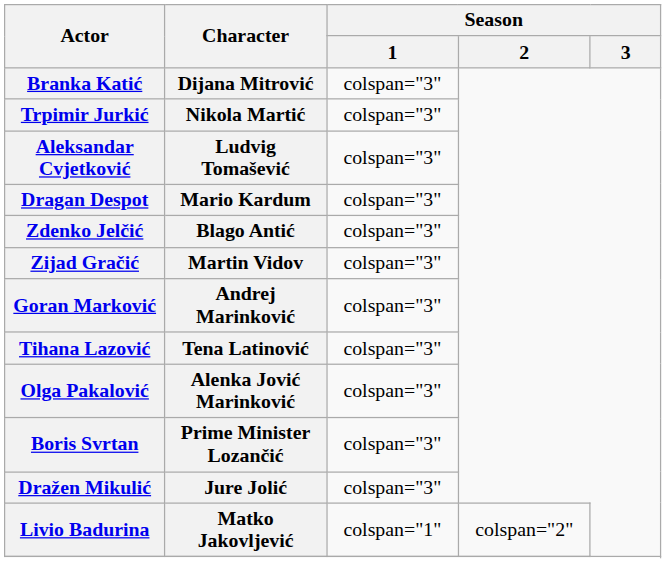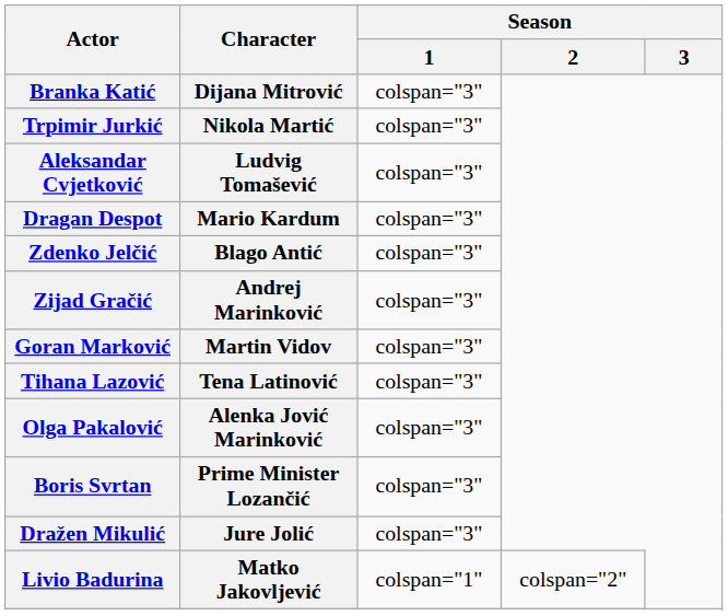 <table class="wikitable plainrowheaders" style="text-align:center; width:60%;">
 <tr>
 <th rowspan="2" style="width:15%;" scope="col">Actor</th>
 <th rowspan="2" style="width:15%;" scope="col">Character</th>
 <th colspan="3">Season</th>
 </tr>
 <tr>
 <th style="width:7%;" scope="colspan">1</th>
 <th style="width:7%;" scope="colspan">2</th>
 <th style="width:7%;" scope="colspan">3</th>
 </tr>
 <tr>
 <th scope="row" style="text-align: center;"><a href='#'>Branka Katić</a></th>
 <th scope="row" style="text-align: center;">Dijana Mitrović</th>
 <td>colspan="3" </td>
 </tr>
 <tr>
 <th scope="row" style="text-align: center;"><a href='#'>Trpimir Jurkić</a></th>
 <th scope="row" style="text-align: center;">Nikola Martić</th>
 <td>colspan="3" </td>
 </tr>
 <tr>
 <th scope="row" style="text-align: center;"><a href='#'>Aleksandar Cvjetković</a></th>
 <th scope="row" style="text-align: center;">Ludvig Tomašević</th>
 <td>colspan="3" </td>
 </tr>
 <tr>
 <th scope="row" style="text-align: center;"><a href='#'>Dragan Despot</a></th>
 <th scope="row" style="text-align: center;">Mario Kardum</th>
 <td>colspan="3" </td>
 </tr>
 <tr>
 <th scope="row" style="text-align: center;"><a href='#'>Zdenko Jelčić</a></th>
 <th scope="row" style="text-align: center;">Blago Antić</th>
 <td>colspan="3" </td>
 </tr>
 <tr>
 <th scope="row" style="text-align: center;"><a href='#'>Zijad Gračić</a></th>
-<th scope="row" style="text-align: center;">Martin Vidov</th>
+<th scope="row" style="text-align: center;">Andrej Marinković</th>
 <td>colspan="3" </td>
 </tr>
 <tr>
 <th scope="row" style="text-align: center;"><a href='#'>Goran Marković</a></th>
-<th scope="row" style="text-align: center;">Andrej Marinković</th>
+<th scope="row" style="text-align: center;">Martin Vidov</th>
 <td>colspan="3" </td>
 </tr>
 <tr>
 <th scope="row" style="text-align: center;"><a href='#'>Tihana Lazović</a></th>
 <th scope="row" style="text-align: center;">Tena Latinović</th>
 <td>colspan="3" </td>
 </tr>
 <tr>
 <th scope="row" style="text-align: center;"><a href='#'>Olga Pakalović</a></th>
 <th scope="row" style="text-align: center;">Alenka Jović Marinković</th>
 <td>colspan="3" </td>
 </tr>
 <tr>
 <th scope="row" style="text-align: center;"><a href='#'>Boris Svrtan</a></th>
 <th scope="row" style="text-align: center;">Prime Minister Lozančić</th>
 <td>colspan="3" </td>
 </tr>
 <tr>
 <th scope="row" style="text-align: center;"><a href='#'>Dražen Mikulić</a></th>
 <th scope="row" style="text-align: center;">Jure Jolić</th>
 <td>colspan="3" </td>
 </tr>
 <tr>
 <th scope="row" style="text-align: center;"><a href='#'>Livio Badurina</a></th>
 <th scope="row" style="text-align: center;">Matko Jakovljević</th>
 <td>colspan="1" </td>
 <td>colspan="2" </td>
 </tr>
 <tr>
 </tr>
 </table>
